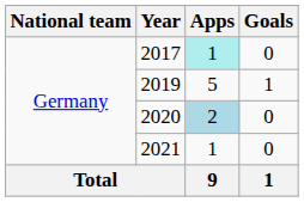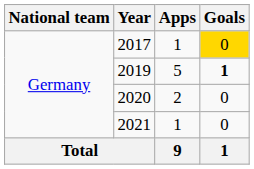 <table class="wikitable" style="text-align:center">
 <tr>
 <th>National team</th>
 <th>Year</th>
 <th>Apps</th>
 <th>Goals</th>
 </tr>
 <tr>
 <td rowspan="4"><a href='#'>Germany</a></td>
 <td>2017</td>
-<td style="background: paleturquoise;">1</td>
-<td>0</td>
+<td>1</td>
+<td style="background: gold;">0</td>
 </tr>
 <tr>
 <td>2019</td>
 <td>5</td>
-<td>1</td>
+<td><strong>1</strong></td>
 </tr>
 <tr>
 <td>2020</td>
-<td style="background: lightblue;">2</td>
+<td>2</td>
 <td>0</td>
 </tr>
 <tr>
 <td>2021</td>
 <td>1</td>
 <td>0</td>
 </tr>
 <tr>
 <th colspan="2">Total</th>
 <th>9</th>
 <th>1</th>
 </tr>
 </table>
